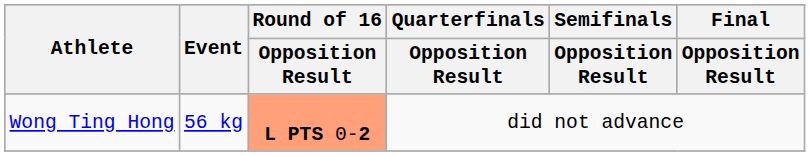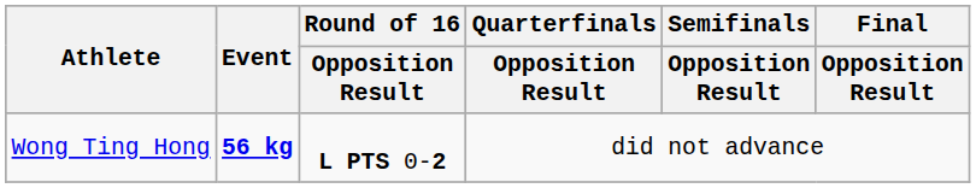 <table class="wikitable" border="1" style="font-size:90%">
 <tr>
 <th rowspan=2>Athlete</th>
 <th rowspan=2>Event</th>
 <th>Round of 16</th>
 <th>Quarterfinals</th>
 <th>Semifinals</th>
 <th>Final</th>
 </tr>
 <tr>
 <th>Opposition<br>Result</th>
 <th>Opposition<br>Result</th>
 <th>Opposition<br>Result</th>
 <th>Opposition<br>Result</th>
 </tr>
 <tr>
 <td><a href='#'>Wong Ting Hong</a></td>
-<td><a href='#'>56 kg</a></td>
-<td align=center style="background: lightsalmon;"><br><strong>L</strong> <strong>PTS</strong> 0-<strong>2</strong></td>
+<td><strong><a href='#'>56 kg</a></strong></td>
+<td align=center><br><strong>L</strong> <strong>PTS</strong> 0-<strong>2</strong></td>
 <td align=center colspan="7">did not advance</td>
 </tr>
 </table>
